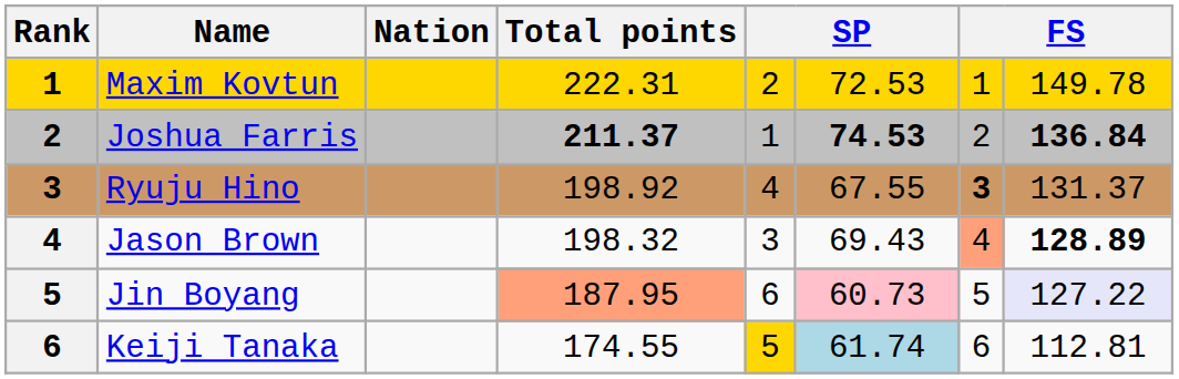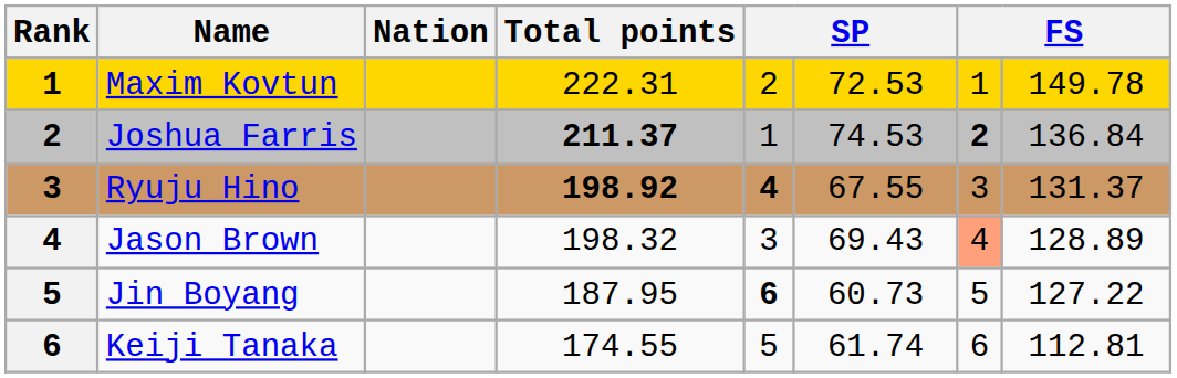 <table class="wikitable sortable">
 <tr>
 <th>Rank</th>
 <th>Name</th>
 <th>Nation</th>
 <th>Total points</th>
 <th colspan="2" width="80px"><a href='#'>SP</a></th>
 <th colspan="2" width="80px"><a href='#'>FS</a></th>
 </tr>
 <tr bgcolor="gold">
 <td align="center"><strong>1</strong></td>
 <td><a href='#'>Maxim Kovtun</a></td>
 <td></td>
 <td align="center">222.31</td>
 <td align="center">2</td>
 <td align="center">72.53</td>
 <td align="center">1</td>
 <td align="center">149.78</td>
 </tr>
 <tr bgcolor="silver">
 <td align="center"><strong>2</strong></td>
 <td><a href='#'>Joshua Farris</a></td>
 <td></td>
 <td align="center"><strong>211.37</strong></td>
 <td align="center">1</td>
-<td align="center"><strong>74.53</strong></td>
-<td align="center">2</td>
-<td align="center"><strong>136.84</strong></td>
+<td align="center">74.53</td>
+<td align="center"><strong>2</strong></td>
+<td align="center">136.84</td>
 </tr>
 <tr bgcolor="cc9966">
 <td align="center"><strong>3</strong></td>
 <td><a href='#'>Ryuju Hino</a></td>
 <td></td>
-<td align="center">198.92</td>
-<td align="center">4</td>
+<td align="center"><strong>198.92</strong></td>
+<td align="center"><strong>4</strong></td>
 <td align="center">67.55</td>
-<td align="center"><strong>3</strong></td>
+<td align="center">3</td>
 <td align="center">131.37</td>
 </tr>
 <tr>
 <th>4</th>
 <td><a href='#'>Jason Brown</a></td>
 <td></td>
 <td align="center">198.32</td>
 <td align="center">3</td>
 <td align="center">69.43</td>
 <td align="center" style="background: lightsalmon;">4</td>
-<td align="center"><strong>128.89</strong></td>
+<td align="center">128.89</td>
 </tr>
 <tr>
 <th>5</th>
 <td><a href='#'>Jin Boyang</a></td>
 <td></td>
-<td align="center" style="background: lightsalmon;">187.95</td>
-<td align="center">6</td>
-<td align="center" style="background: pink;">60.73</td>
+<td align="center">187.95</td>
+<td align="center"><strong>6</strong></td>
+<td align="center">60.73</td>
 <td align="center">5</td>
-<td align="center" style="background: lavender;">127.22</td>
+<td align="center">127.22</td>
 </tr>
 <tr>
 <th>6</th>
 <td><a href='#'>Keiji Tanaka</a></td>
 <td></td>
 <td align="center">174.55</td>
-<td align="center" style="background: gold;">5</td>
-<td align="center" style="background: lightblue;">61.74</td>
+<td align="center">5</td>
+<td align="center">61.74</td>
 <td align="center">6</td>
 <td align="center">112.81</td>
 </tr>
 </table>
